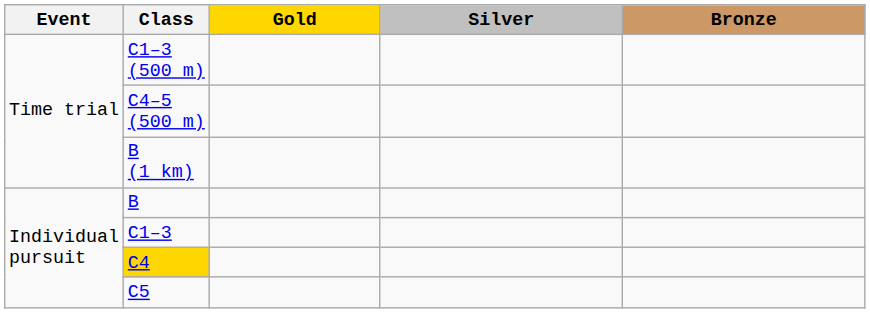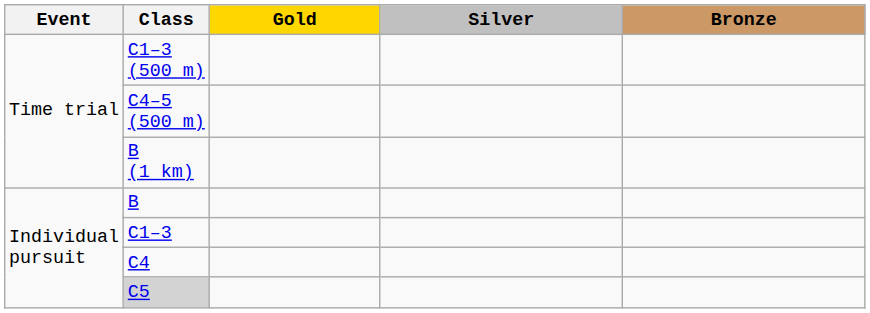 <table class=wikitable style="font-size:100%">
 <tr>
 <th rowspan="1" width="10%">Event</th>
 <th rowspan="1" width="5%">Class</th>
 <th rowspan="1" style="background:gold;">Gold</th>
 <th colspan="1" style="background:silver;">Silver</th>
 <th colspan="1" style="background:#CC9966;">Bronze</th>
 </tr>
 <tr>
 <td rowspan="3">Time trial<br></td>
 <td><a href='#'>C1–3 (500 m)</a></td>
 <td></td>
 <td></td>
 <td></td>
 </tr>
 <tr>
 <td><a href='#'>C4–5 (500 m)</a></td>
 <td></td>
 <td></td>
 <td></td>
 </tr>
 <tr>
 <td><a href='#'>B (1 km)</a></td>
 <td></td>
 <td></td>
 <td></td>
 </tr>
 <tr>
 <td rowspan="4">Individual pursuit<br></td>
 <td><a href='#'>B</a></td>
 <td></td>
 <td></td>
 <td></td>
 </tr>
 <tr>
 <td><a href='#'>C1–3</a></td>
 <td></td>
 <td></td>
 <td></td>
 </tr>
 <tr>
-<td style="background: gold;"><a href='#'>C4</a></td>
+<td><a href='#'>C4</a></td>
 <td></td>
 <td></td>
 <td></td>
 </tr>
 <tr>
-<td><a href='#'>C5</a></td>
+<td style="background: lightgrey;"><a href='#'>C5</a></td>
 <td></td>
 <td></td>
 <td></td>
 </tr>
 </table>
